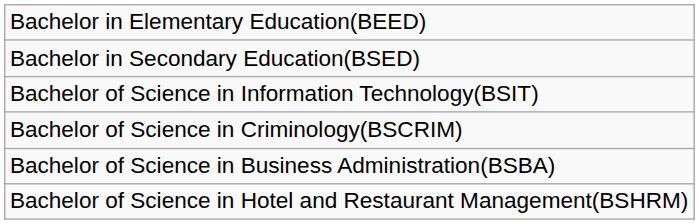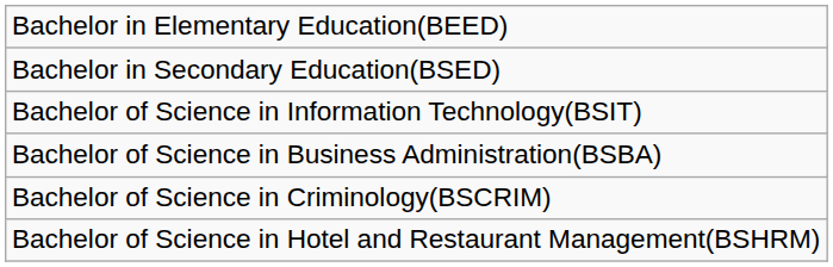 <table class="wikitable">
 <tr>
 <td>Bachelor in Elementary Education(BEED)</td>
 </tr>
 <tr>
 <td>Bachelor in Secondary Education(BSED)</td>
 </tr>
 <tr>
 <td>Bachelor of Science in Information Technology(BSIT)</td>
 </tr>
 <tr>
-<td>Bachelor of Science in Criminology(BSCRIM)</td>
+<td>Bachelor of Science in Business Administration(BSBA)</td>
 </tr>
 <tr>
-<td>Bachelor of Science in Business Administration(BSBA)</td>
+<td>Bachelor of Science in Criminology(BSCRIM)</td>
 </tr>
 <tr>
 <td>Bachelor of Science in Hotel and Restaurant Management(BSHRM)</td>
 </tr>
 </table>
